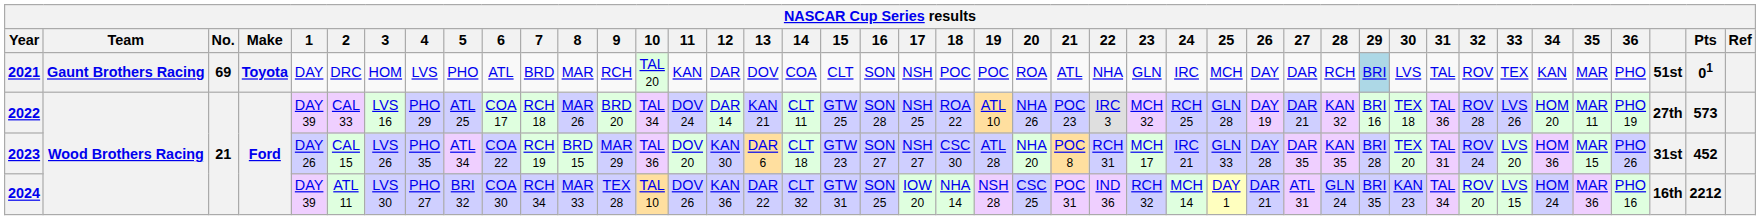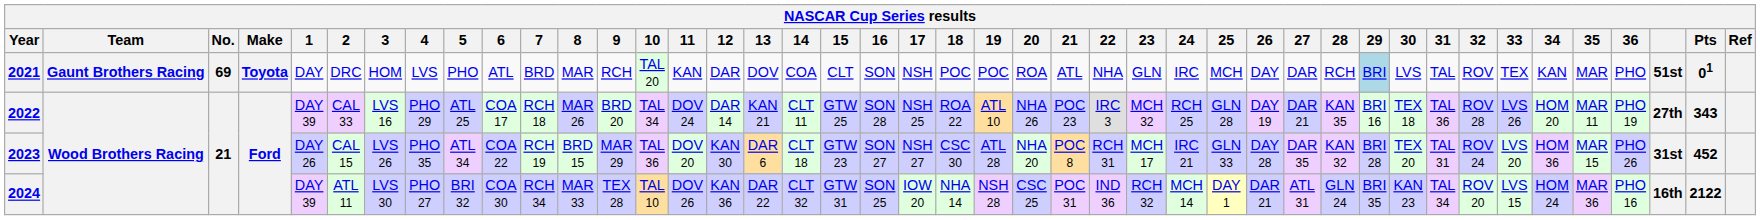 <table class="wikitable" style="text-align:center; font-size:75%">
 <tr>
 <th colspan=43><a href='#'>NASCAR Cup Series</a> results</th>
 </tr>
 <tr>
 <th>Year</th>
 <th>Team</th>
 <th>No.</th>
 <th>Make</th>
 <th>1</th>
 <th>2</th>
 <th>3</th>
 <th>4</th>
 <th>5</th>
 <th>6</th>
 <th>7</th>
 <th>8</th>
 <th>9</th>
 <th>10</th>
 <th>11</th>
 <th>12</th>
 <th>13</th>
 <th>14</th>
 <th>15</th>
 <th>16</th>
 <th>17</th>
 <th>18</th>
 <th>19</th>
 <th>20</th>
 <th>21</th>
 <th>22</th>
 <th>23</th>
 <th>24</th>
 <th>25</th>
 <th>26</th>
 <th>27</th>
 <th>28</th>
 <th>29</th>
 <th>30</th>
 <th>31</th>
 <th>32</th>
 <th>33</th>
 <th>34</th>
 <th>35</th>
 <th>36</th>
 <th></th>
 <th>Pts</th>
 <th>Ref</th>
 </tr>
 <tr>
 <th><a href='#'>2021</a></th>
 <th><a href='#'>Gaunt Brothers Racing</a></th>
 <th>69</th>
 <th><a href='#'>Toyota</a></th>
 <td><a href='#'>DAY</a></td>
 <td><a href='#'>DRC</a></td>
 <td><a href='#'>HOM</a></td>
 <td><a href='#'>LVS</a></td>
 <td><a href='#'>PHO</a></td>
 <td><a href='#'>ATL</a></td>
 <td><a href='#'>BRD</a></td>
 <td><a href='#'>MAR</a></td>
 <td><a href='#'>RCH</a></td>
 <td style="background:#DFFFDF;"><a href='#'>TAL</a><br><small>20</small></td>
 <td><a href='#'>KAN</a></td>
 <td><a href='#'>DAR</a></td>
 <td><a href='#'>DOV</a></td>
 <td><a href='#'>COA</a></td>
 <td><a href='#'>CLT</a></td>
 <td><a href='#'>SON</a></td>
 <td><a href='#'>NSH</a></td>
 <td><a href='#'>POC</a></td>
 <td><a href='#'>POC</a></td>
 <td><a href='#'>ROA</a></td>
 <td><a href='#'>ATL</a></td>
 <td><a href='#'>NHA</a></td>
 <td><a href='#'>GLN</a></td>
 <td><a href='#'>IRC</a></td>
 <td><a href='#'>MCH</a></td>
 <td><a href='#'>DAY</a></td>
 <td><a href='#'>DAR</a></td>
 <td><a href='#'>RCH</a></td>
 <td style="background: lightblue;"><a href='#'>BRI</a></td>
 <td><a href='#'>LVS</a></td>
 <td><a href='#'>TAL</a></td>
 <td><a href='#'>ROV</a></td>
 <td><a href='#'>TEX</a></td>
 <td><a href='#'>KAN</a></td>
 <td><a href='#'>MAR</a></td>
 <td><a href='#'>PHO</a></td>
 <th>51st</th>
 <th>0<sup>1</sup></th>
 <th></th>
 </tr>
 <tr>
 <th><a href='#'>2022</a></th>
 <th rowspan=3><a href='#'>Wood Brothers Racing</a></th>
 <th rowspan=3>21</th>
 <th rowspan=3><a href='#'>Ford</a></th>
 <td style="background:#EFCFFF;"><a href='#'>DAY</a><br><small>39</small></td>
 <td style="background:#EFCFFF;"><a href='#'>CAL</a><br><small>33</small></td>
 <td style="background:#DFFFDF;"><a href='#'>LVS</a><br><small>16</small></td>
 <td style="background:#CFCFFF;"><a href='#'>PHO</a><br><small>29</small></td>
 <td style="background:#CFCFFF;"><a href='#'>ATL</a><br><small>25</small></td>
 <td style="background:#DFFFDF;"><a href='#'>COA</a><br><small>17</small></td>
 <td style="background:#DFFFDF;"><a href='#'>RCH</a><br><small>18</small></td>
 <td style="background:#CFCFFF;"><a href='#'>MAR</a><br><small>26</small></td>
 <td style="background:#DFFFDF;"><a href='#'>BRD</a><br><small>20</small></td>
 <td style="background:#EFCFFF;"><a href='#'>TAL</a><br><small>34</small></td>
 <td style="background:#CFCFFF;"><a href='#'>DOV</a><br><small>24</small></td>
 <td style="background:#DFFFDF;"><a href='#'>DAR</a><br><small>14</small></td>
 <td style="background:#CFCFFF;"><a href='#'>KAN</a><br><small>21</small></td>
 <td style="background:#DFFFDF;"><a href='#'>CLT</a><br><small>11</small></td>
 <td style="background:#CFCFFF;"><a href='#'>GTW</a><br><small>25</small></td>
 <td style="background:#CFCFFF;"><a href='#'>SON</a><br><small>28</small></td>
 <td style="background:#CFCFFF;"><a href='#'>NSH</a><br><small>25</small></td>
 <td style="background:#CFCFFF;"><a href='#'>ROA</a><br><small>22</small></td>
 <td style="background:#FFDF9F;"><a href='#'>ATL</a><br><small>10</small></td>
 <td style="background:#CFCFFF;"><a href='#'>NHA</a><br><small>26</small></td>
 <td style="background:#CFCFFF;"><a href='#'>POC</a><br><small>23</small></td>
 <td style="background:#DFDFDF;"><a href='#'>IRC</a><br><small>3</small></td>
 <td style="background:#EFCFFF;"><a href='#'>MCH</a><br><small>32</small></td>
 <td style="background:#CFCFFF;"><a href='#'>RCH</a><br><small>25</small></td>
 <td style="background:#CFCFFF;"><a href='#'>GLN</a><br><small>28</small></td>
 <td style="background:#EFCFFF;”"><a href='#'>DAY</a><br><small>19</small></td>
 <td style="background:#CFCFFF;”"><a href='#'>DAR</a><br><small>21</small></td>
-<td style="background:#EFCFFF;"><a href='#'>KAN</a><br><small>32</small></td>
+<td style="background:#EFCFFF;"><a href='#'>KAN</a><br><small>35</small></td>
 <td style="background:#DFFFDF;"><a href='#'>BRI</a><br><small>16</small></td>
 <td style="background:#DFFFDF;"><a href='#'>TEX</a><br><small>18</small></td>
 <td style="background:#EFCFFF;"><a href='#'>TAL</a><br><small>36</small></td>
 <td style="background:#CFCFFF;"><a href='#'>ROV</a><br><small>28</small></td>
 <td style="background:#CFCFFF;"><a href='#'>LVS</a><br><small>26</small></td>
 <td style="background:#DFFFDF;"><a href='#'>HOM</a><br><small>20</small></td>
 <td style="background:#DFFFDF;"><a href='#'>MAR</a><br><small>11</small></td>
 <td style="background:#DFFFDF;"><a href='#'>PHO</a><br><small>19</small></td>
 <th>27th</th>
-<th>573</th>
+<th>343</th>
 <th></th>
 </tr>
 <tr>
 <th><a href='#'>2023</a></th>
 <td style="background:#CFCFFF;"><a href='#'>DAY</a><br><small>26</small></td>
 <td style="background:#DFFFDF;"><a href='#'>CAL</a><br><small>15</small></td>
 <td style="background:#CFCFFF;"><a href='#'>LVS</a><br><small>26</small></td>
 <td style="background:#CFCFFF;"><a href='#'>PHO</a><br><small>35</small></td>
 <td style="background:#EFCFFF;"><a href='#'>ATL</a><br><small>34</small></td>
 <td style="background:#CFCFFF;"><a href='#'>COA</a><br><small>22</small></td>
 <td style="background:#DFFFDF;"><a href='#'>RCH</a><br><small>19</small></td>
 <td style="background:#DFFFDF;"><a href='#'>BRD</a><br><small>15</small></td>
 <td style="background:#CFCFFF;"><a href='#'>MAR</a><br><small>29</small></td>
 <td style="background:#EFCFFF;"><a href='#'>TAL</a><br><small>36</small></td>
 <td style="background:#DFFFDF;"><a href='#'>DOV</a><br><small>20</small></td>
 <td style="background:#CFCFFF;"><a href='#'>KAN</a><br><small>30</small></td>
 <td style="background:#FFDF9F;"><a href='#'>DAR</a><br><small>6</small></td>
 <td style="background:#DFFFDF;"><a href='#'>CLT</a><br><small>18</small></td>
 <td style="background:#CFCFFF;"><a href='#'>GTW</a><br><small>23</small></td>
 <td style="background:#CFCFFF;"><a href='#'>SON</a><br><small>27</small></td>
 <td style="background:#CFCFFF;"><a href='#'>NSH</a><br><small>27</small></td>
 <td style="background:#CFCFFF;"><a href='#'>CSC</a><br><small>30</small></td>
 <td style="background:#CFCFFF;"><a href='#'>ATL</a><br><small>28</small></td>
 <td style="background:#DFFFDF;"><a href='#'>NHA</a><br><small>20</small></td>
 <td style="background:#FFDF9F;"><a href='#'>POC</a><br><small>8</small></td>
 <td style="background:#CFCFFF;"><a href='#'>RCH</a><br><small>31</small></td>
 <td style="background:#DFFFDF;"><a href='#'>MCH</a><br><small>17</small></td>
 <td style="background:#CFCFFF;"><a href='#'>IRC</a><br><small>21</small></td>
 <td style="background:#CFCFFF;"><a href='#'>GLN</a><br><small>33</small></td>
 <td style="background:#CFCFFF;"><a href='#'>DAY</a><br><small>28</small></td>
 <td style="background:#EFCFFF;"><a href='#'>DAR</a><br><small>35</small></td>
-<td style="background:#EFCFFF;"><a href='#'>KAN</a><br><small>35</small></td>
+<td style="background:#EFCFFF;"><a href='#'>KAN</a><br><small>32</small></td>
 <td style="background:#CFCFFF;"><a href='#'>BRI</a><br><small>28</small></td>
 <td style="background:#DFFFDF;"><a href='#'>TEX</a><br><small>20</small></td>
 <td style="background:#EFCFFF;"><a href='#'>TAL</a><br><small>31</small></td>
 <td style="background:#CFCFFF;"><a href='#'>ROV</a><br><small>24</small></td>
 <td style="background:#DFFFDF;"><a href='#'>LVS</a><br><small>20</small></td>
 <td style="background:#EFCFFF;"><a href='#'>HOM</a><br><small>36</small></td>
 <td style="background:#DFFFDF;"><a href='#'>MAR</a><br><small>15</small></td>
 <td style="background:#CFCFFF;"><a href='#'>PHO</a><br><small>26</small></td>
 <th>31st</th>
 <th>452</th>
 <th></th>
 </tr>
 <tr>
 <th><a href='#'>2024</a></th>
 <td style="background:#EFCFFF;"><a href='#'>DAY</a><br><small>39</small></td>
 <td style="background:#DFFFDF;"><a href='#'>ATL</a><br><small>11</small></td>
 <td style="background:#CFCFFF;"><a href='#'>LVS</a><br><small>30</small></td>
 <td style="background:#CFCFFF;"><a href='#'>PHO</a><br><small>27</small></td>
 <td style="background:#CFCFFF;"><a href='#'>BRI</a><br><small>32</small></td>
 <td style="background:#CFCFFF;"><a href='#'>COA</a><br><small>30</small></td>
 <td style="background:#CFCFFF;"><a href='#'>RCH</a><br><small>34</small></td>
 <td style="background:#CFCFFF;"><a href='#'>MAR</a><br><small>33</small></td>
 <td style="background:#CFCFFF;"><a href='#'>TEX</a><br><small>28</small></td>
 <td style="background:#FFDF9F;"><a href='#'>TAL</a><br><small>10</small></td>
 <td style="background:#CFCFFF;"><a href='#'>DOV</a><br><small>26</small></td>
 <td style="background:#CFCFFF;"><a href='#'>KAN</a><br><small>36</small></td>
 <td style="background:#CFCFFF;"><a href='#'>DAR</a><br><small>22</small></td>
 <td style="background:#CFCFFF;"><a href='#'>CLT</a><br><small>32</small></td>
 <td style="background:#CFCFFF;"><a href='#'>GTW</a><br><small>31</small></td>
 <td style="background:#CFCFFF;"><a href='#'>SON</a><br><small>25</small></td>
 <td style="background:#DFFFDF;"><a href='#'>IOW</a><br><small>20</small></td>
 <td style="background:#DFFFDF;"><a href='#'>NHA</a><br><small>14</small></td>
 <td style="background:#EFCFFF;"><a href='#'>NSH</a><br><small>28</small></td>
 <td style="background:#CFCFFF;"><a href='#'>CSC</a><br><small>25</small></td>
 <td style="background:#EFCFFF;"><a href='#'>POC</a><br><small>31</small></td>
 <td style="background:#EFCFFF;"><a href='#'>IND</a><br><small>36</small></td>
 <td style="background:#CFCFFF;"><a href='#'>RCH</a><br><small>32</small></td>
 <td style="background:#DFFFDF;"><a href='#'>MCH</a><br><small>14</small></td>
 <td style="background:#FFFFBF;"><a href='#'>DAY</a><br><small>1</small></td>
 <td style="background:#CFCFFF;"><a href='#'>DAR</a><br><small>21</small></td>
 <td style="background:#EFCFFF;"><a href='#'>ATL</a><br><small>31</small></td>
 <td style="background:#CFCFFF;"><a href='#'>GLN</a><br><small>24</small></td>
 <td style="background:#CFCFFF;"><a href='#'>BRI</a><br><small>35</small></td>
 <td style="background:#CFCFFF;"><a href='#'>KAN</a><br><small>23</small></td>
 <td style="background:#EFCFFF;"><a href='#'>TAL</a><br><small>34</small></td>
 <td style="background:#DFFFDF;"><a href='#'>ROV</a><br><small>20</small></td>
 <td style="background:#DFFFDF;"><a href='#'>LVS</a><br><small>15</small></td>
 <td style="background:#CFCFFF;"><a href='#'>HOM</a><br><small>24</small></td>
 <td style="background:#EFCFFF;"><a href='#'>MAR</a><br><small>36</small></td>
 <td style="background:#DFFFDF;"><a href='#'>PHO</a><br><small>16</small></td>
 <th>16th</th>
-<th>2212</th>
+<th>2122</th>
 <th></th>
 </tr>
 </table>
